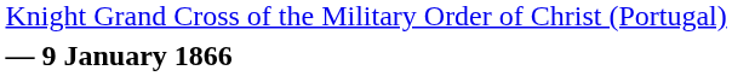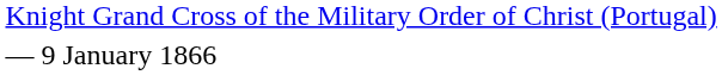 <table>
 <tr>
 <td rowspan=2 style="width:60px; vertical-align:top;"></td>
 <td><a href='#'>Knight Grand Cross of the Military Order of Christ (Portugal)</a></td>
 </tr>
 <tr>
-<td><strong>— 9 January 1866</strong></td>
+<td>— 9 January 1866</td>
 </tr>
 </table>
